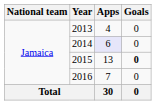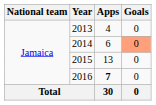 <table class=wikitable style="text-align: center;">
 <tr>
 <th>National team</th>
 <th>Year</th>
 <th>Apps</th>
 <th>Goals</th>
 </tr>
 <tr>
 <td rowspan=4><a href='#'>Jamaica</a></td>
 <td>2013</td>
 <td>4</td>
 <td>0</td>
 </tr>
 <tr>
 <td>2014</td>
-<td style="background: lavender;">6</td>
-<td>0</td>
+<td>6</td>
+<td style="background: lightsalmon;">0</td>
 </tr>
 <tr>
 <td>2015</td>
 <td>13</td>
-<td><strong>0</strong></td>
+<td>0</td>
 </tr>
 <tr>
 <td>2016</td>
-<td>7</td>
+<td><strong>7</strong></td>
 <td>0</td>
 </tr>
 <tr>
 <th colspan=2>Total</th>
 <th>30</th>
 <th>0</th>
 </tr>
 </table>
